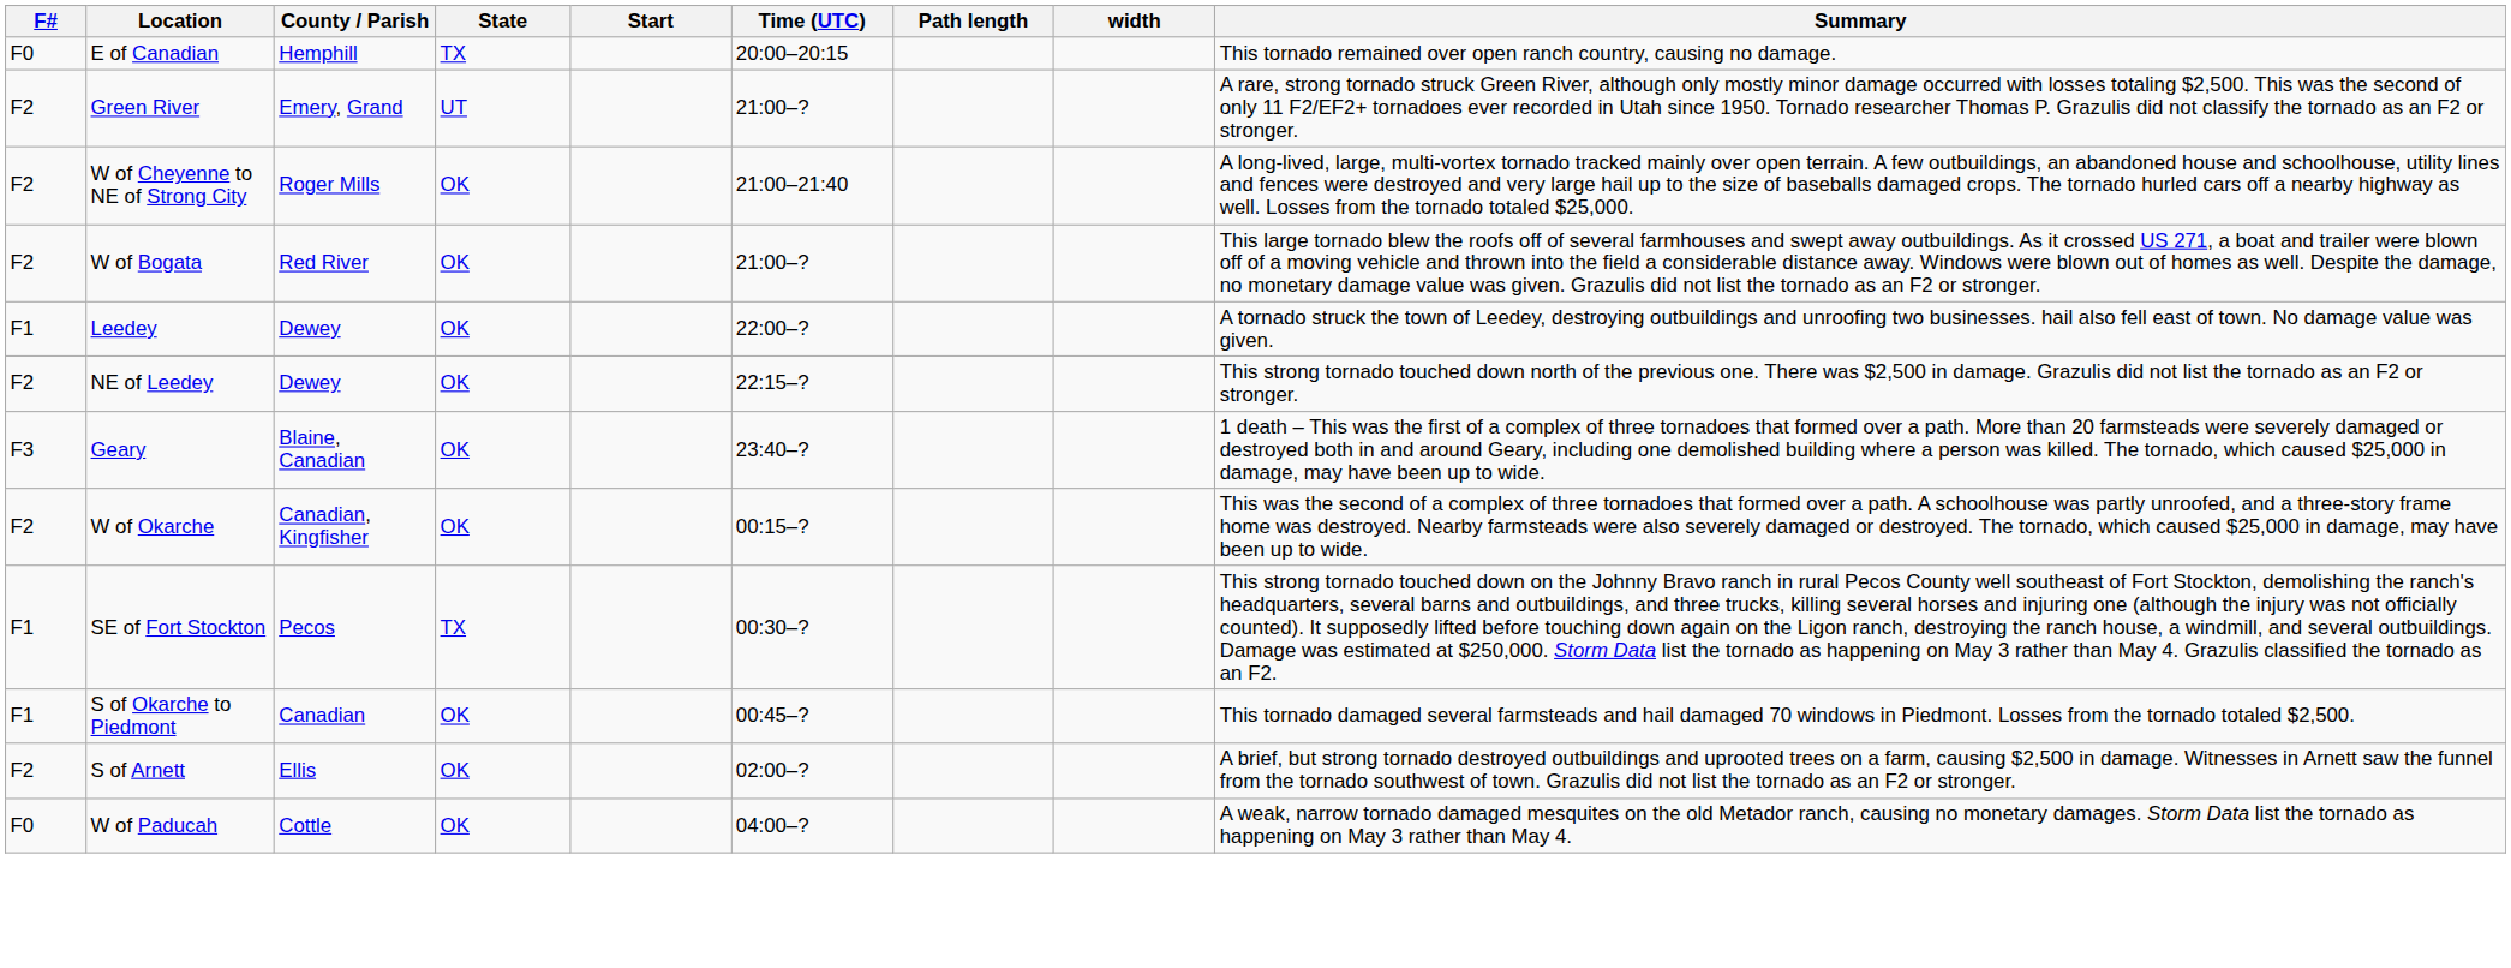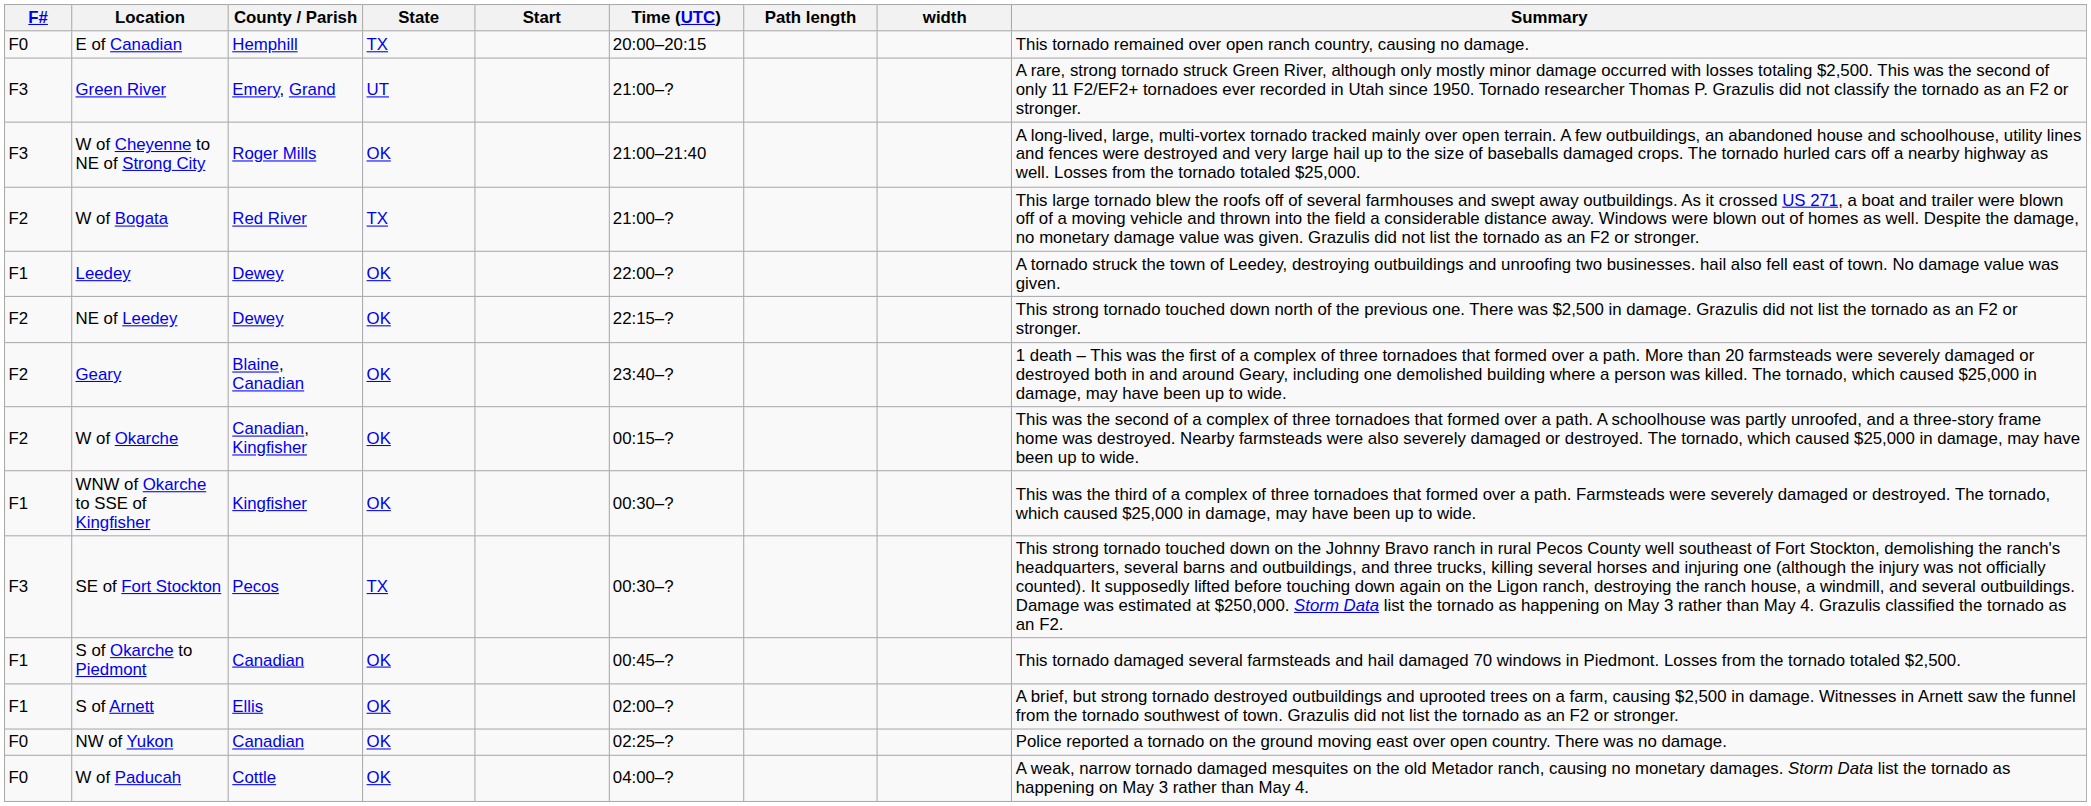 <table class="wikitable sortable" style="width:100%;">
 <tr>
 <th scope="col"  style="width:3%; text-align:center;"><a href='#'>F#</a></th>
 <th scope="col"  style="width:7%; text-align:center;" class="unsortable">Location</th>
 <th scope="col"  style="width:6%; text-align:center;" class="unsortable">County / Parish</th>
 <th scope="col"  style="width:5%; text-align:center;">State</th>
 <th scope="col"  style="width:6%; text-align:center;">Start<br></th>
 <th scope="col"  style="width:6%; text-align:center;">Time (<a href='#'>UTC</a>)</th>
 <th scope="col"  style="width:6%; text-align:center;">Path length</th>
 <th scope="col"  style="width:6%; text-align:center;"> width</th>
 <th scope="col" class="unsortable" style="width:48%; text-align:center;">Summary</th>
 </tr>
 <tr>
 <td>F0</td>
 <td>E of <a href='#'>Canadian</a></td>
 <td><a href='#'>Hemphill</a></td>
 <td><a href='#'>TX</a></td>
 <td></td>
 <td>20:00–20:15</td>
 <td></td>
 <td></td>
 <td>This tornado remained over open ranch country, causing no damage.</td>
 </tr>
 <tr>
-<td>F2</td>
+<td>F3</td>
 <td><a href='#'>Green River</a></td>
 <td><a href='#'>Emery</a>, <a href='#'>Grand</a></td>
 <td><a href='#'>UT</a></td>
 <td></td>
 <td>21:00–?</td>
 <td></td>
 <td></td>
 <td>A rare, strong tornado struck Green River, although only mostly minor damage occurred with losses totaling $2,500. This was the second of only 11 F2/EF2+ tornadoes ever recorded in Utah since 1950. Tornado researcher Thomas P. Grazulis did not classify the tornado as an F2 or stronger.</td>
 </tr>
 <tr>
-<td>F2</td>
+<td>F3</td>
 <td>W of <a href='#'>Cheyenne</a> to NE of <a href='#'>Strong City</a></td>
 <td><a href='#'>Roger Mills</a></td>
 <td><a href='#'>OK</a></td>
 <td></td>
 <td>21:00–21:40</td>
 <td></td>
 <td></td>
 <td>A long-lived, large, multi-vortex tornado tracked mainly over open terrain. A few outbuildings, an abandoned house and schoolhouse, utility lines and fences were destroyed and very large hail up to the size of baseballs damaged crops. The tornado hurled cars off a nearby highway as well. Losses from the tornado totaled $25,000.</td>
 </tr>
 <tr>
 <td>F2</td>
 <td>W of <a href='#'>Bogata</a></td>
 <td><a href='#'>Red River</a></td>
-<td><a href='#'>OK</a></td>
+<td><a href='#'>TX</a></td>
 <td></td>
 <td>21:00–?</td>
 <td></td>
 <td></td>
 <td>This large tornado blew the roofs off of several farmhouses and swept away outbuildings. As it crossed <a href='#'>US 271</a>, a boat and trailer were blown off of a moving vehicle and thrown into the field a considerable distance away. Windows were blown out of homes as well. Despite the damage, no monetary damage value was given. Grazulis did not list the tornado as an F2 or stronger.</td>
 </tr>
 <tr>
 <td>F1</td>
 <td><a href='#'>Leedey</a></td>
 <td><a href='#'>Dewey</a></td>
 <td><a href='#'>OK</a></td>
 <td></td>
 <td>22:00–?</td>
 <td></td>
 <td></td>
 <td>A tornado struck the town of Leedey, destroying outbuildings and unroofing two businesses.  hail also fell east of town. No damage value was given.</td>
 </tr>
 <tr>
 <td>F2</td>
 <td>NE of <a href='#'>Leedey</a></td>
 <td><a href='#'>Dewey</a></td>
 <td><a href='#'>OK</a></td>
 <td></td>
 <td>22:15–?</td>
 <td></td>
 <td></td>
 <td>This strong tornado touched down north of the previous one. There was $2,500 in damage. Grazulis did not list the tornado as an F2 or stronger.</td>
 </tr>
 <tr>
-<td>F3</td>
+<td>F2</td>
 <td><a href='#'>Geary</a></td>
 <td><a href='#'>Blaine</a>, <a href='#'>Canadian</a></td>
 <td><a href='#'>OK</a></td>
 <td></td>
 <td>23:40–?</td>
 <td></td>
 <td></td>
 <td>1 death – This was the first of a complex of three tornadoes that formed over a  path. More than 20 farmsteads were severely damaged or destroyed both in and around Geary, including one demolished building where a person was killed. The tornado, which caused $25,000 in damage, may have been up to  wide.</td>
 </tr>
 <tr>
 <td>F2</td>
 <td>W of <a href='#'>Okarche</a></td>
 <td><a href='#'>Canadian</a>, <a href='#'>Kingfisher</a></td>
 <td><a href='#'>OK</a></td>
 <td></td>
 <td>00:15–?</td>
 <td></td>
 <td></td>
 <td>This was the second of a complex of three tornadoes that formed over a  path. A schoolhouse was partly unroofed, and a three-story frame home was destroyed. Nearby farmsteads were also severely damaged or destroyed. The tornado, which caused $25,000 in damage, may have been up to  wide.</td>
 </tr>
 <tr>
 <td>F1</td>
+<td>WNW of <a href='#'>Okarche</a> to SSE of <a href='#'>Kingfisher</a></td>
+<td><a href='#'>Kingfisher</a></td>
+<td><a href='#'>OK</a></td>
+<td></td>
+<td>00:30–?</td>
+<td></td>
+<td></td>
+<td>This was the third of a complex of three tornadoes that formed over a  path. Farmsteads were severely damaged or destroyed. The tornado, which caused $25,000 in damage, may have been up to  wide.</td>
+</tr>
+<tr>
+<td>F3</td>
 <td>SE of <a href='#'>Fort Stockton</a></td>
 <td><a href='#'>Pecos</a></td>
 <td><a href='#'>TX</a></td>
 <td></td>
 <td>00:30–?</td>
 <td></td>
 <td></td>
 <td>This strong tornado touched down on the Johnny Bravo ranch in rural Pecos County well southeast of Fort Stockton, demolishing the ranch's headquarters, several barns and outbuildings, and three trucks, killing several horses and injuring one (although the injury was not officially counted). It supposedly lifted before touching down again on the Ligon ranch, destroying the ranch house, a windmill, and several outbuildings. Damage was estimated at $250,000. <em><a href='#'>Storm Data</a></em> list the tornado as happening on May 3 rather than May 4. Grazulis classified the tornado as an F2.</td>
 </tr>
 <tr>
 <td>F1</td>
 <td>S of <a href='#'>Okarche</a> to <a href='#'>Piedmont</a></td>
 <td><a href='#'>Canadian</a></td>
 <td><a href='#'>OK</a></td>
 <td></td>
 <td>00:45–?</td>
 <td></td>
 <td></td>
 <td>This tornado damaged several farmsteads and  hail damaged 70 windows in Piedmont. Losses from the tornado totaled $2,500.</td>
 </tr>
 <tr>
-<td>F2</td>
+<td>F1</td>
 <td>S of <a href='#'>Arnett</a></td>
 <td><a href='#'>Ellis</a></td>
 <td><a href='#'>OK</a></td>
 <td></td>
 <td>02:00–?</td>
 <td></td>
 <td></td>
 <td>A brief, but strong tornado destroyed outbuildings and uprooted trees on a farm, causing $2,500 in damage. Witnesses in Arnett saw the funnel from the tornado southwest of town. Grazulis did not list the tornado as an F2 or stronger.</td>
+</tr>
+<tr>
+<td>F0</td>
+<td>NW of <a href='#'>Yukon</a></td>
+<td><a href='#'>Canadian</a></td>
+<td><a href='#'>OK</a></td>
+<td></td>
+<td>02:25–?</td>
+<td></td>
+<td></td>
+<td>Police reported a tornado on the ground moving east over open country. There was no damage.</td>
 </tr>
 <tr>
 <td>F0</td>
 <td>W of <a href='#'>Paducah</a></td>
 <td><a href='#'>Cottle</a></td>
 <td><a href='#'>OK</a></td>
 <td></td>
 <td>04:00–?</td>
 <td></td>
 <td></td>
 <td>A weak, narrow tornado damaged mesquites on the old Metador ranch, causing no monetary damages. <em>Storm Data</em> list the tornado as happening on May 3 rather than May 4.</td>
 </tr>
 </table>
